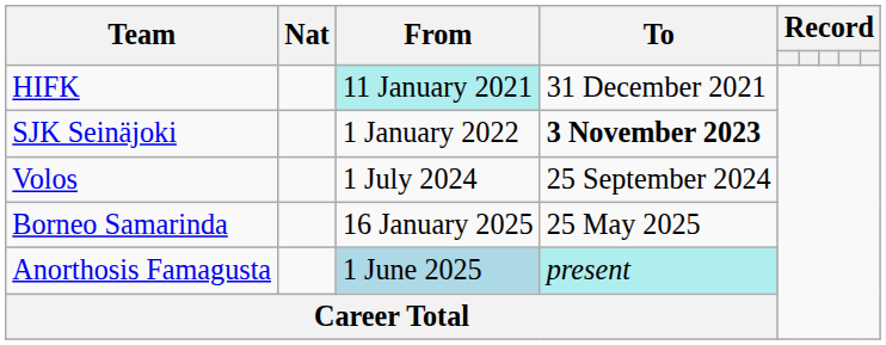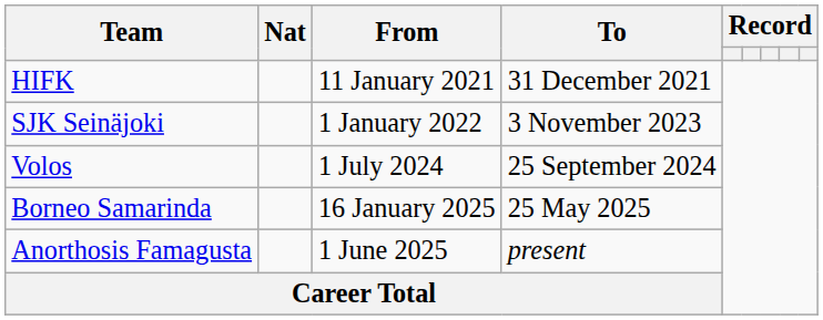 <table class="wikitable" tyle="text-align: center">
 <tr>
 <th rowspan=2>Team</th>
 <th rowspan=2>Nat</th>
 <th rowspan=2>From</th>
 <th rowspan=2>To</th>
 <th colspan=5>Record</th>
 </tr>
 <tr>
 <th></th>
 <th></th>
 <th></th>
 <th></th>
 <th></th>
 </tr>
 <tr>
 <td align=left><a href='#'>HIFK</a></td>
 <td></td>
-<td align=left style="background: paleturquoise;">11 January 2021</td>
+<td align=left>11 January 2021</td>
 <td align=left>31 December 2021<br></td>
 </tr>
 <tr>
 <td align=left><a href='#'>SJK Seinäjoki</a></td>
 <td></td>
 <td align=left>1 January 2022</td>
-<td align=left><strong>3 November 2023<br></strong></td>
+<td align=left>3 November 2023<br></td>
 </tr>
 <tr>
 <td align=left><a href='#'>Volos</a></td>
 <td></td>
 <td align=left>1 July 2024</td>
 <td align=left>25 September 2024<br></td>
 </tr>
 <tr>
 <td align=left><a href='#'>Borneo Samarinda</a></td>
 <td></td>
 <td align=left>16 January 2025</td>
 <td align=left>25 May 2025<br></td>
 </tr>
 <tr>
 <td align=left><a href='#'>Anorthosis Famagusta</a></td>
 <td></td>
-<td align=left style="background: lightblue;">1 June 2025</td>
-<td align=left style="background: paleturquoise;"><em>present</em><br></td>
+<td align=left>1 June 2025</td>
+<td align=left><em>present</em><br></td>
 </tr>
 <tr>
 <th colspan=4>Career Total<br></th>
 </tr>
 </table>
